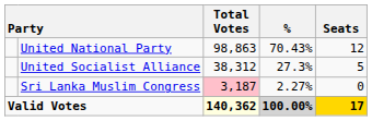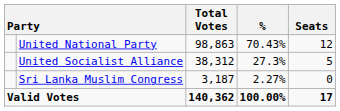 <table class="wikitable" style="text-align:right;">
 <tr>
 <th style="text-align:left; vertical-align:bottom;" colspan="2">Party</th>
 <th style="vertical-align:bottom; text-align:center; width:50px;">Total Votes</th>
 <th style="vertical-align:bottom; text-align:center; width:50px;">%</th>
 <th style="vertical-align:bottom; text-align:center; width:50px;">Seats</th>
 </tr>
 <tr>
 <td bgcolor=> </td>
 <td align=left><a href='#'>United National Party</a></td>
 <td>98,863</td>
 <td>70.43%</td>
 <td>12</td>
 </tr>
 <tr>
 <td bgcolor=> </td>
 <td align=left><a href='#'>United Socialist Alliance</a></td>
 <td>38,312</td>
 <td>27.3%</td>
 <td>5</td>
 </tr>
 <tr>
 <td bgcolor=> </td>
 <td align=left><a href='#'>Sri Lanka Muslim Congress</a></td>
-<td style="background: pink;">3,187</td>
+<td>3,187</td>
 <td>2.27%</td>
 <td>0</td>
 </tr>
 <tr style="font-weight:bold">
 <td style="text-align:left;" colspan="2">Valid Votes</td>
-<td style="background: lightyellow;">140,362</td>
-<td style="background: lightgrey;">100.00%</td>
-<td style="background: gold;">17</td>
+<td>140,362</td>
+<td>100.00%</td>
+<td>17</td>
 </tr>
 </table>
